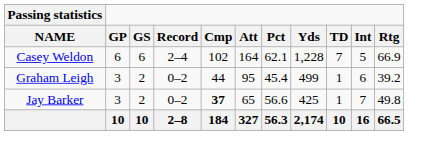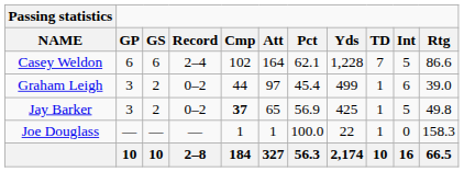 <table class="wikitable sortable" style="text-align:center;">
 <tr>
 <th style="text-align:center;">Passing statistics</th>
 </tr>
 <tr>
 <th>NAME</th>
 <th>GP</th>
 <th>GS</th>
 <th>Record</th>
 <th>Cmp</th>
 <th>Att</th>
 <th>Pct</th>
 <th>Yds</th>
 <th>TD</th>
 <th>Int</th>
 <th>Rtg</th>
 </tr>
 <tr>
 <td><a href='#'>Casey Weldon</a></td>
 <td>6</td>
 <td>6</td>
 <td>2–4</td>
 <td>102</td>
 <td>164</td>
 <td>62.1</td>
 <td>1,228</td>
 <td>7</td>
 <td>5</td>
-<td>66.9</td>
+<td>86.6</td>
 </tr>
 <tr>
 <td><a href='#'>Graham Leigh</a></td>
 <td>3</td>
 <td>2</td>
 <td>0–2</td>
 <td>44</td>
-<td>95</td>
+<td>97</td>
 <td>45.4</td>
 <td>499</td>
 <td>1</td>
 <td>6</td>
-<td>39.2</td>
+<td>39.0</td>
 </tr>
 <tr>
 <td><a href='#'>Jay Barker</a></td>
 <td>3</td>
 <td>2</td>
 <td>0–2</td>
 <td><strong>37</strong></td>
 <td>65</td>
-<td>56.6</td>
+<td>56.9</td>
 <td>425</td>
 <td>1</td>
-<td>7</td>
+<td>5</td>
 <td>49.8</td>
+</tr>
+<tr>
+<td><a href='#'>Joe Douglass</a></td>
+<td>—</td>
+<td>—</td>
+<td>—</td>
+<td>1</td>
+<td>1</td>
+<td>100.0</td>
+<td>22</td>
+<td>1</td>
+<td>0</td>
+<td>158.3</td>
 </tr>
 <tr>
 <th colspan="1"></th>
 <th>10</th>
 <th>10</th>
 <th>2–8</th>
 <th>184</th>
 <th>327</th>
 <th>56.3</th>
 <th>2,174</th>
 <th>10</th>
 <th>16</th>
 <th>66.5</th>
 </tr>
 </table>
